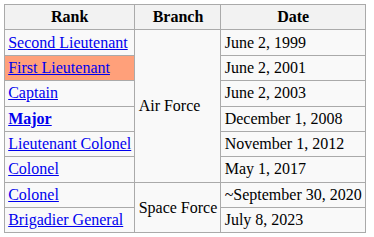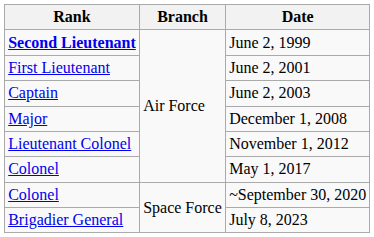 <table class="wikitable">
 <tr>
 <th>Rank</th>
 <th>Branch</th>
 <th>Date</th>
 </tr>
 <tr>
-<td> <a href='#'>Second Lieutenant</a></td>
+<td><strong> <a href='#'>Second Lieutenant</a></strong></td>
 <td rowspan=6>Air Force</td>
 <td>June 2, 1999</td>
 </tr>
 <tr>
-<td style="background: lightsalmon;"> <a href='#'>First Lieutenant</a></td>
+<td> <a href='#'>First Lieutenant</a></td>
 <td>June 2, 2001</td>
 </tr>
 <tr>
 <td> <a href='#'>Captain</a></td>
 <td>June 2, 2003</td>
 </tr>
 <tr>
-<td><strong> <a href='#'>Major</a></strong></td>
+<td> <a href='#'>Major</a></td>
 <td>December 1, 2008</td>
 </tr>
 <tr>
 <td> <a href='#'>Lieutenant Colonel</a></td>
 <td>November 1, 2012</td>
 </tr>
 <tr>
 <td> <a href='#'>Colonel</a></td>
 <td>May 1, 2017</td>
 </tr>
 <tr>
 <td> <a href='#'>Colonel</a></td>
 <td rowspan=2>Space Force</td>
 <td>~September 30, 2020</td>
 </tr>
 <tr>
 <td> <a href='#'>Brigadier General</a></td>
 <td>July 8, 2023</td>
 </tr>
 </table>
